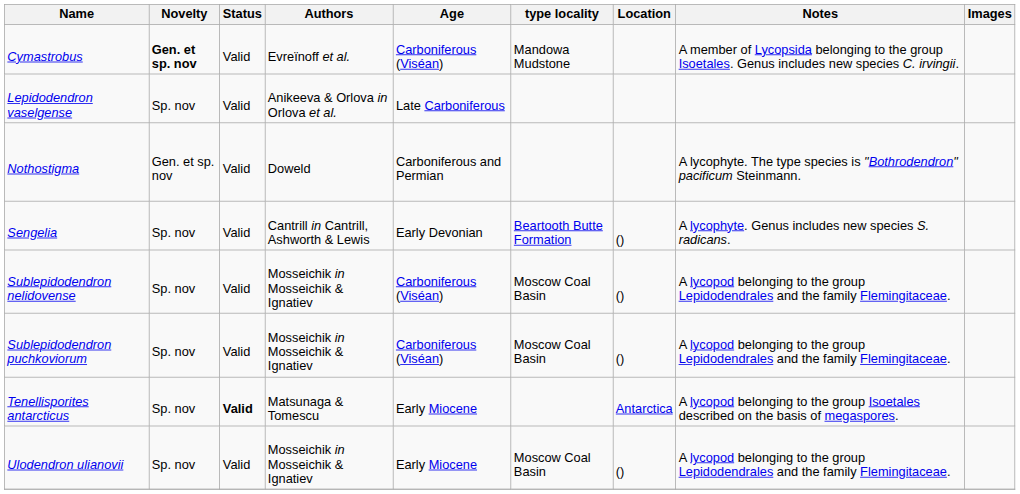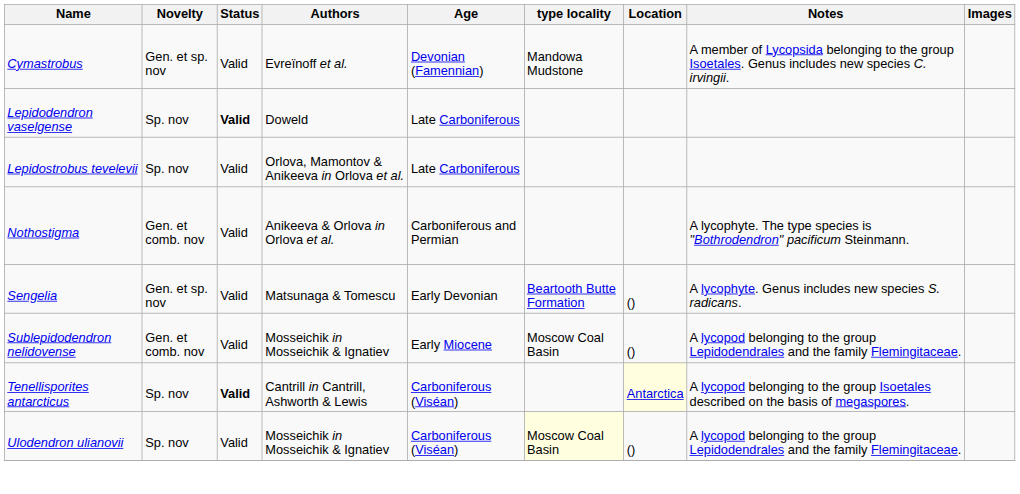 <table class="wikitable sortable" align="center" width="100%">
 <tr>
 <th>Name</th>
 <th>Novelty</th>
 <th>Status</th>
 <th>Authors</th>
 <th>Age</th>
 <th>type locality</th>
 <th>Location</th>
 <th>Notes</th>
 <th>Images</th>
 </tr>
 <tr>
 <td><br><em><a href='#'>Cymastrobus</a></em></td>
-<td><strong><br>Gen. et sp. nov</strong></td>
+<td><br>Gen. et sp. nov</td>
 <td><br>Valid</td>
 <td><br>Evreïnoff <em>et al.</em></td>
-<td><br><a href='#'>Carboniferous</a> (<a href='#'>Viséan</a>)</td>
+<td><br><a href='#'>Devonian</a> (<a href='#'>Famennian</a>)</td>
 <td><br>Mandowa Mudstone</td>
 <td><br></td>
 <td><br>A member of <a href='#'>Lycopsida</a> belonging to the group <a href='#'>Isoetales</a>. Genus includes new species <em>C. irvingii</em>.</td>
 <td></td>
 </tr>
 <tr>
 <td><br><em><a href='#'>Lepidodendron vaselgense</a></em></td>
 <td><br>Sp. nov</td>
+<td><strong><br>Valid</strong></td>
+<td><br>Doweld</td>
+<td><br>Late <a href='#'>Carboniferous</a></td>
+<td></td>
+<td><br></td>
+<td></td>
+<td></td>
+</tr>
+<tr>
+<td><br><em><a href='#'>Lepidostrobus tevelevii</a></em></td>
+<td><br>Sp. nov</td>
 <td><br>Valid</td>
-<td><br>Anikeeva & Orlova <em>in</em> Orlova <em>et al.</em></td>
+<td><br>Orlova, Mamontov & Anikeeva <em>in</em> Orlova <em>et al.</em></td>
 <td><br>Late <a href='#'>Carboniferous</a></td>
 <td></td>
 <td><br></td>
 <td></td>
 <td></td>
 </tr>
 <tr>
 <td><br><em><a href='#'>Nothostigma</a></em></td>
-<td><br>Gen. et sp. nov</td>
+<td><br>Gen. et comb. nov</td>
 <td><br>Valid</td>
-<td><br>Doweld</td>
+<td><br>Anikeeva & Orlova <em>in</em> Orlova <em>et al.</em></td>
 <td><br>Carboniferous and Permian</td>
 <td></td>
 <td><br><br> <br> <br> <br> </td>
 <td><br>A lycophyte. The type species is <em>"<a href='#'>Bothrodendron</a>" pacificum</em> Steinmann.</td>
 <td></td>
 </tr>
 <tr>
 <td><br><em><a href='#'>Sengelia</a></em></td>
-<td><br>Sp. nov</td>
+<td><br>Gen. et sp. nov</td>
 <td><br>Valid</td>
-<td><br>Cantrill <em>in</em> Cantrill, Ashworth & Lewis</td>
+<td><br>Matsunaga & Tomescu</td>
 <td><br>Early Devonian</td>
 <td><br><a href='#'>Beartooth Butte Formation</a></td>
 <td><br><br>()</td>
 <td><br>A <a href='#'>lycophyte</a>. Genus includes new species <em>S. radicans</em>.</td>
 <td></td>
 </tr>
 <tr>
 <td><br><em><a href='#'>Sublepidodendron nelidovense</a></em></td>
-<td><br>Sp. nov</td>
+<td><br>Gen. et comb. nov</td>
 <td><br>Valid</td>
 <td><br>Mosseichik <em>in</em> Mosseichik & Ignatiev</td>
-<td><br><a href='#'>Carboniferous</a> (<a href='#'>Viséan</a>)</td>
-<td><br>Moscow Coal Basin</td>
-<td><br><br>()</td>
-<td><br>A <a href='#'>lycopod</a> belonging to the group <a href='#'>Lepidodendrales</a> and the family <a href='#'>Flemingitaceae</a>.</td>
-<td></td>
-</tr>
-<tr>
-<td><br><em><a href='#'>Sublepidodendron puchkoviorum</a></em></td>
-<td><br>Sp. nov</td>
-<td><br>Valid</td>
-<td><br>Mosseichik <em>in</em> Mosseichik & Ignatiev</td>
-<td><br><a href='#'>Carboniferous</a> (<a href='#'>Viséan</a>)</td>
+<td><br>Early <a href='#'>Miocene</a></td>
 <td><br>Moscow Coal Basin</td>
 <td><br><br>()</td>
 <td><br>A <a href='#'>lycopod</a> belonging to the group <a href='#'>Lepidodendrales</a> and the family <a href='#'>Flemingitaceae</a>.</td>
 <td></td>
 </tr>
 <tr>
 <td><br><em><a href='#'>Tenellisporites antarcticus</a></em></td>
 <td><br>Sp. nov</td>
 <td><strong><br>Valid</strong></td>
-<td><br>Matsunaga & Tomescu</td>
-<td><br>Early <a href='#'>Miocene</a></td>
+<td><br>Cantrill <em>in</em> Cantrill, Ashworth & Lewis</td>
+<td><br><a href='#'>Carboniferous</a> (<a href='#'>Viséan</a>)</td>
 <td></td>
-<td><br><a href='#'>Antarctica</a></td>
+<td style="background: lightyellow;"><br><a href='#'>Antarctica</a></td>
 <td><br>A <a href='#'>lycopod</a> belonging to the group <a href='#'>Isoetales</a> described on the basis of <a href='#'>megaspores</a>.</td>
 <td></td>
 </tr>
 <tr>
 <td><br><em><a href='#'>Ulodendron ulianovii</a></em></td>
 <td><br>Sp. nov</td>
 <td><br>Valid</td>
 <td><br>Mosseichik <em>in</em> Mosseichik & Ignatiev</td>
-<td><br>Early <a href='#'>Miocene</a></td>
-<td><br>Moscow Coal Basin</td>
+<td><br><a href='#'>Carboniferous</a> (<a href='#'>Viséan</a>)</td>
+<td style="background: lightyellow;"><br>Moscow Coal Basin</td>
 <td><br><br>()</td>
 <td><br>A <a href='#'>lycopod</a> belonging to the group <a href='#'>Lepidodendrales</a> and the family <a href='#'>Flemingitaceae</a>.</td>
 <td></td>
 </tr>
 <tr>
 </tr>
 </table>
